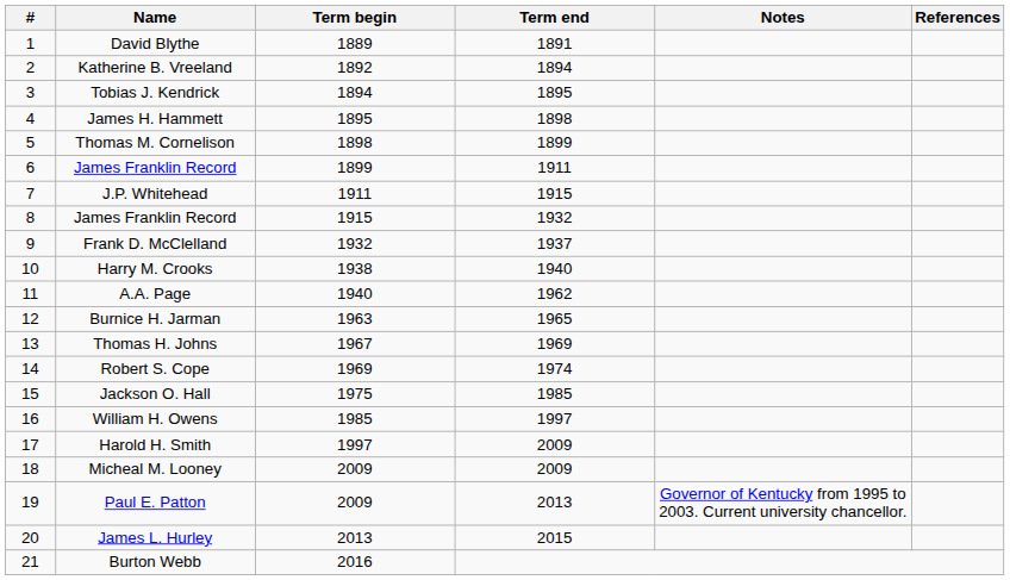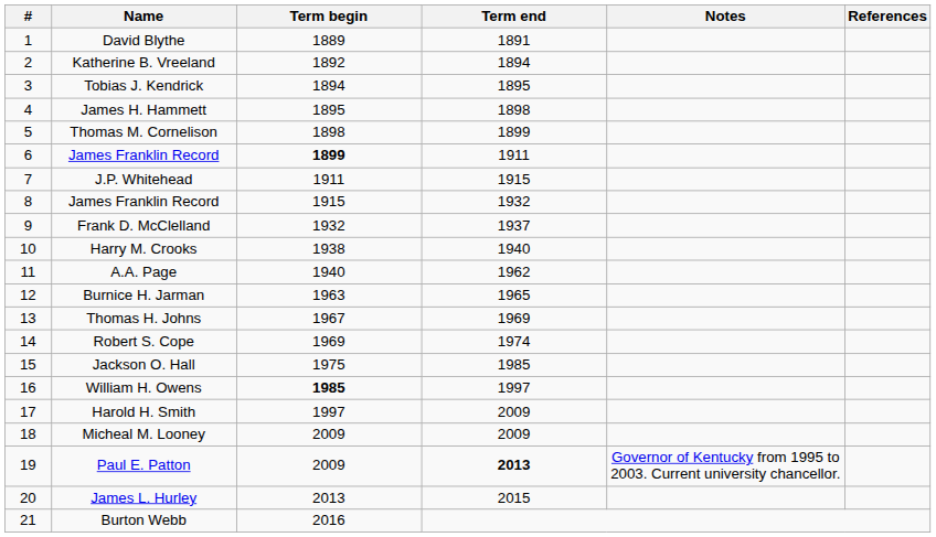 <table class="wikitable" style="text-align:center;" width="80%">
 <tr valign="top">
 <th width="5%">#</th>
 <th width="20%">Name</th>
 <th width="20%">Term begin</th>
 <th width="20%">Term end</th>
 <th width="*%">Notes</th>
 <th width="5%">References</th>
 </tr>
 <tr>
 <td>1</td>
 <td>David Blythe</td>
 <td>1889</td>
 <td>1891</td>
 <td></td>
 <td></td>
 </tr>
 <tr>
 <td>2</td>
 <td>Katherine B. Vreeland</td>
 <td>1892</td>
 <td>1894</td>
 <td></td>
 <td></td>
 </tr>
 <tr>
 <td>3</td>
 <td>Tobias J. Kendrick</td>
 <td>1894</td>
 <td>1895</td>
 <td></td>
 <td></td>
 </tr>
 <tr>
 <td>4</td>
 <td>James H. Hammett</td>
 <td>1895</td>
 <td>1898</td>
 <td></td>
 <td></td>
 </tr>
 <tr>
 <td>5</td>
 <td>Thomas M. Cornelison</td>
 <td>1898</td>
 <td>1899</td>
 <td></td>
 <td></td>
 </tr>
 <tr>
 <td>6</td>
 <td><a href='#'>James Franklin Record</a></td>
-<td>1899</td>
+<td><strong>1899</strong></td>
 <td>1911</td>
 <td></td>
 <td></td>
 </tr>
 <tr>
 <td>7</td>
 <td>J.P. Whitehead</td>
 <td>1911</td>
 <td>1915</td>
 <td></td>
 <td></td>
 </tr>
 <tr>
 <td>8</td>
 <td>James Franklin Record</td>
 <td>1915</td>
 <td>1932</td>
 <td></td>
 <td></td>
 </tr>
 <tr>
 <td>9</td>
 <td>Frank D. McClelland</td>
 <td>1932</td>
 <td>1937</td>
 <td></td>
 <td></td>
 </tr>
 <tr>
 <td>10</td>
 <td>Harry M. Crooks</td>
 <td>1938</td>
 <td>1940</td>
 <td></td>
 <td></td>
 </tr>
 <tr>
 <td>11</td>
 <td>A.A. Page</td>
 <td>1940</td>
 <td>1962</td>
 <td></td>
 <td></td>
 </tr>
 <tr>
 <td>12</td>
 <td>Burnice H. Jarman</td>
 <td>1963</td>
 <td>1965</td>
 <td></td>
 <td></td>
 </tr>
 <tr>
 <td>13</td>
 <td>Thomas H. Johns</td>
 <td>1967</td>
 <td>1969</td>
 <td></td>
 <td></td>
 </tr>
 <tr>
 <td>14</td>
 <td>Robert S. Cope</td>
 <td>1969</td>
 <td>1974</td>
 <td></td>
 <td></td>
 </tr>
 <tr>
 <td>15</td>
 <td>Jackson O. Hall</td>
 <td>1975</td>
 <td>1985</td>
 <td></td>
 <td></td>
 </tr>
 <tr>
 <td>16</td>
 <td>William H. Owens</td>
-<td>1985</td>
+<td><strong>1985</strong></td>
 <td>1997</td>
 <td></td>
 <td></td>
 </tr>
 <tr>
 <td>17</td>
 <td>Harold H. Smith</td>
 <td>1997</td>
 <td>2009</td>
 <td></td>
 <td></td>
 </tr>
 <tr>
 <td>18</td>
 <td>Micheal M. Looney</td>
 <td>2009</td>
 <td>2009</td>
 <td></td>
 <td></td>
 </tr>
 <tr>
 <td>19</td>
 <td><a href='#'>Paul E. Patton</a></td>
 <td>2009</td>
-<td>2013</td>
+<td><strong>2013</strong></td>
 <td><a href='#'>Governor of Kentucky</a> from 1995 to 2003. Current university chancellor.</td>
 <td></td>
 </tr>
 <tr>
 <td>20</td>
 <td><a href='#'>James L. Hurley</a></td>
 <td>2013</td>
 <td>2015</td>
 <td></td>
 <td></td>
 </tr>
 <tr>
 <td>21</td>
 <td>Burton Webb</td>
 <td>2016</td>
 </tr>
 </table>
